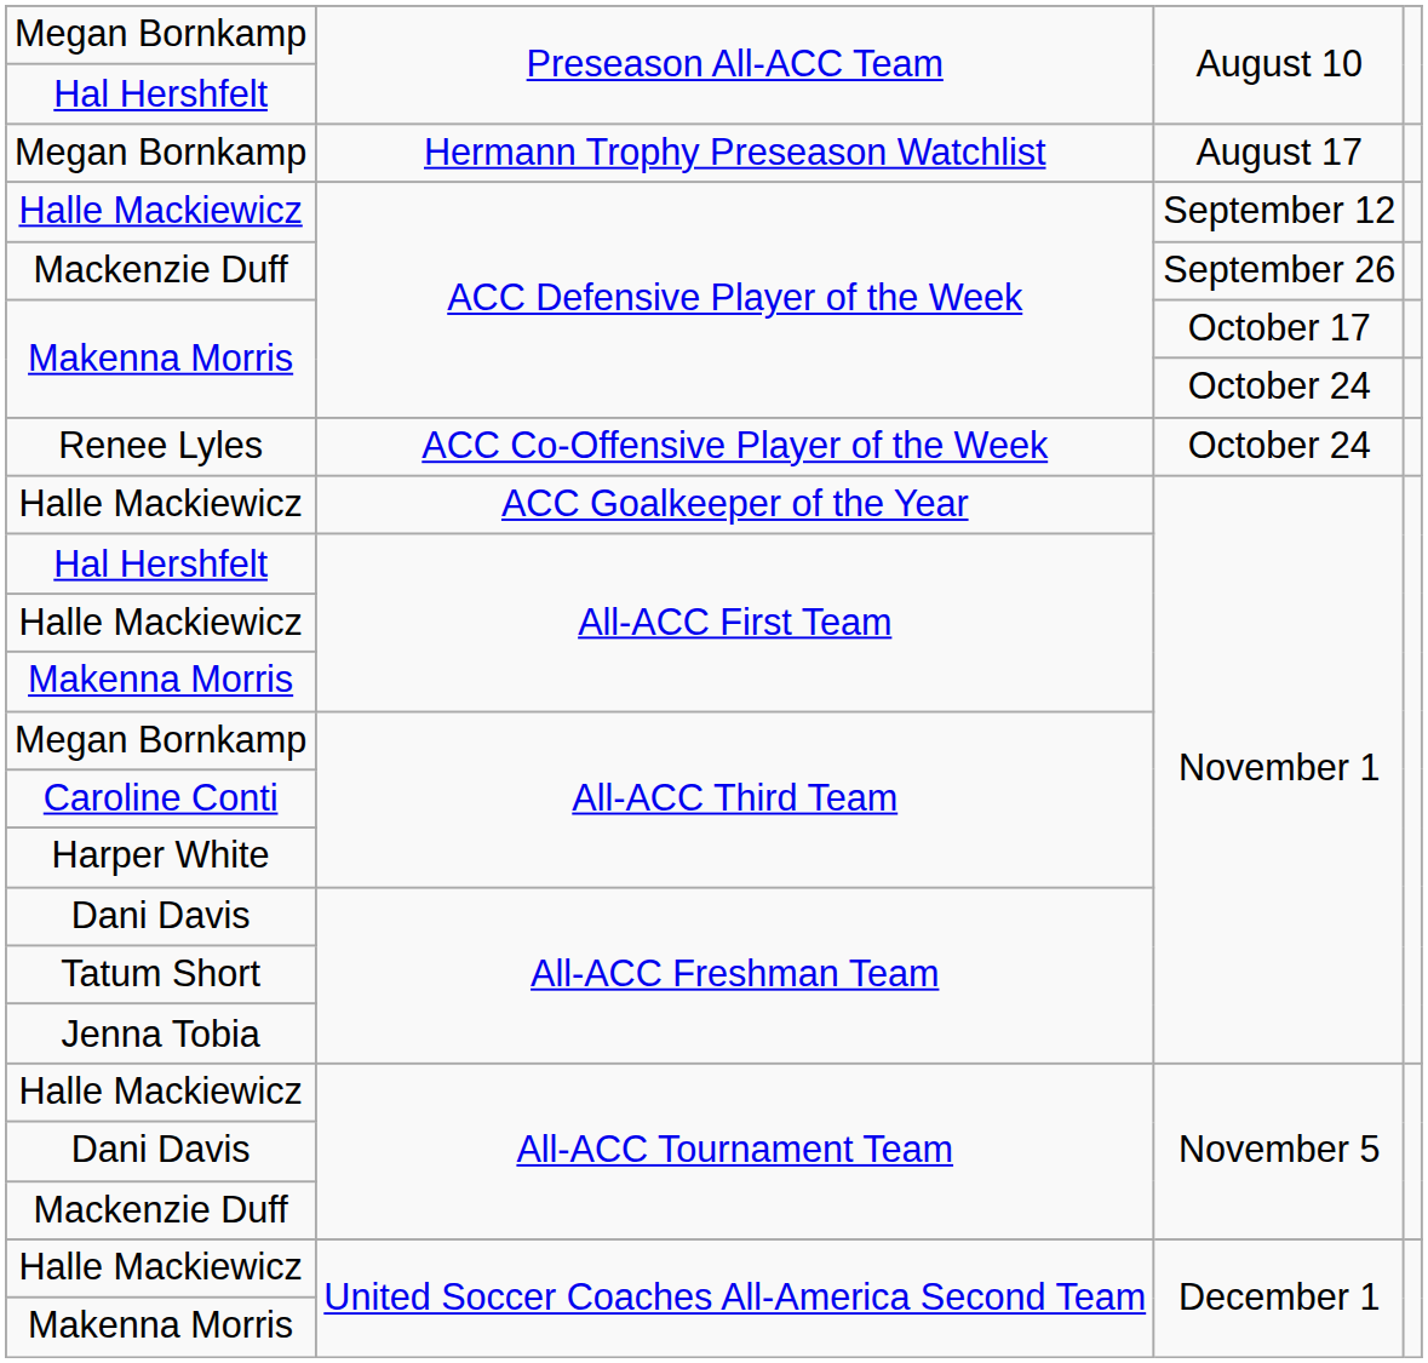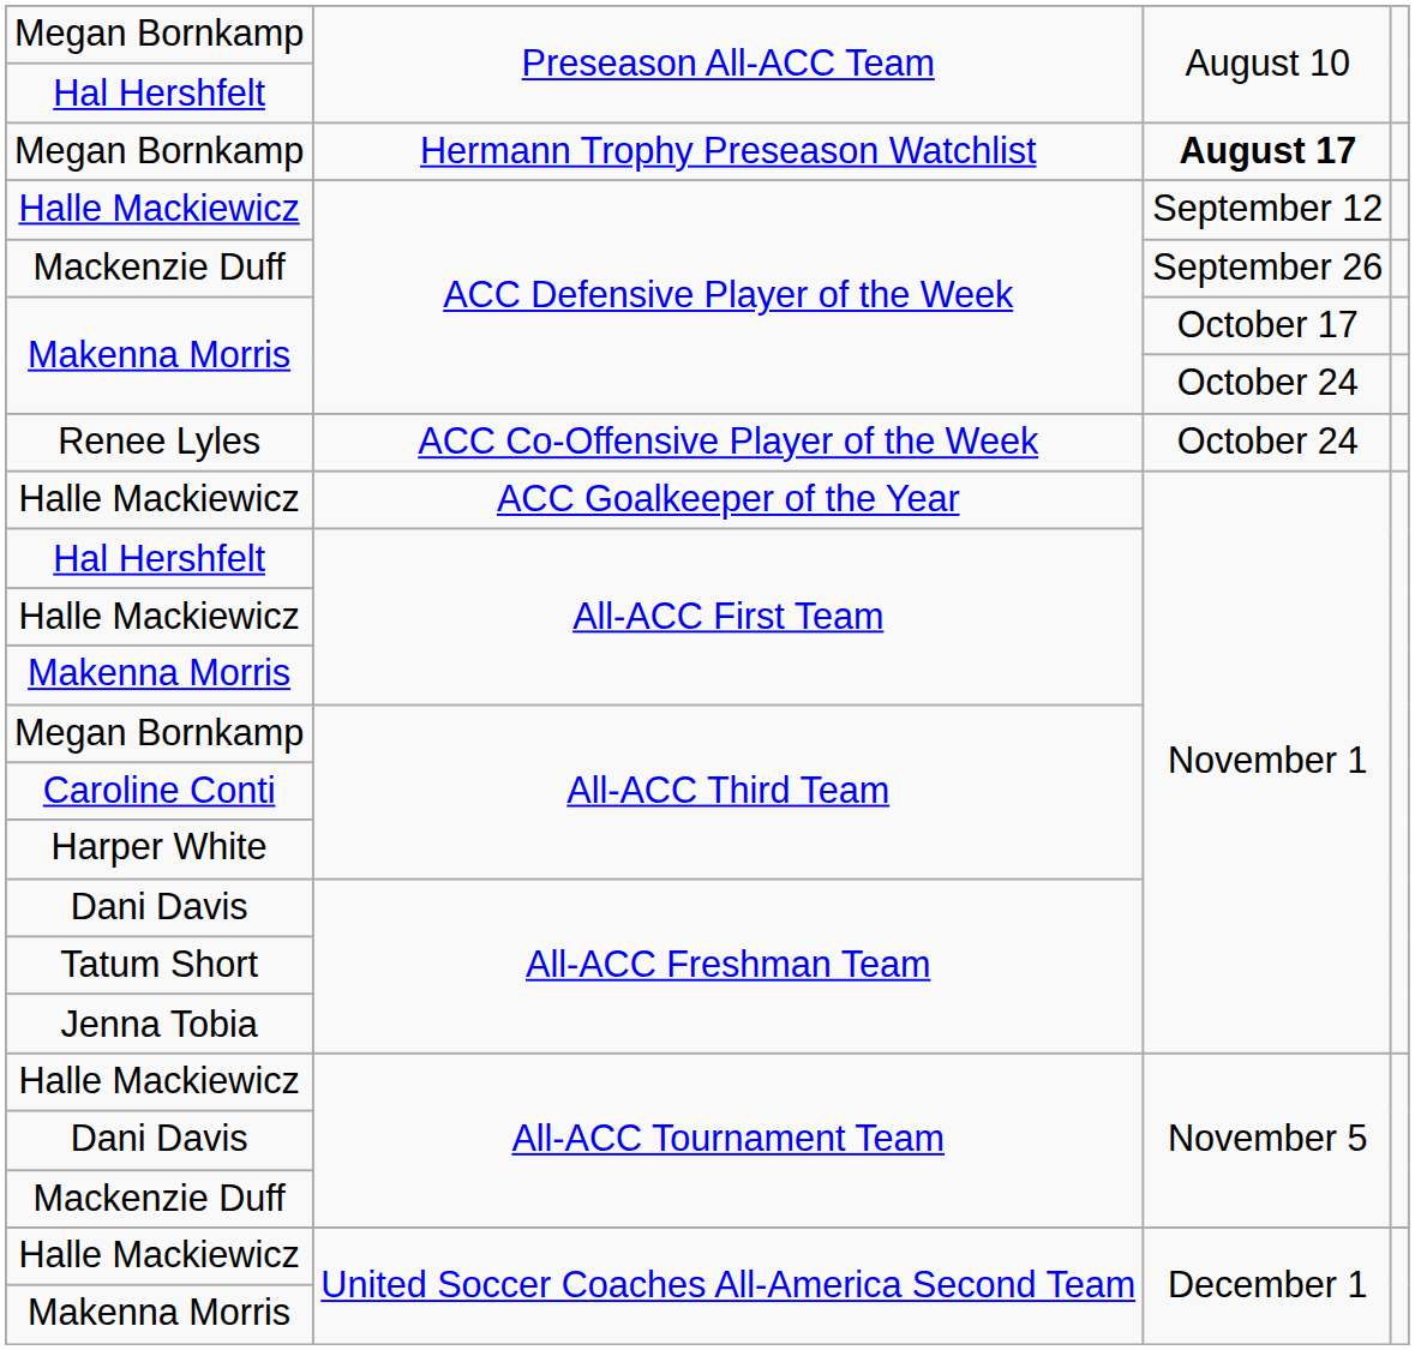 <table class="wikitable sortable" style="text-align: center">
 <tr>
 <td>Megan Bornkamp</td>
 <td rowspan=2><a href='#'>Preseason All-ACC Team</a></td>
 <td rowspan=2>August 10</td>
 <td rowspan=2></td>
 </tr>
 <tr>
 <td><a href='#'>Hal Hershfelt</a></td>
 </tr>
 <tr>
 <td>Megan Bornkamp</td>
 <td><a href='#'>Hermann Trophy Preseason Watchlist</a></td>
-<td>August 17</td>
+<td><strong>August 17</strong></td>
 <td></td>
 </tr>
 <tr>
 <td><a href='#'>Halle Mackiewicz</a></td>
 <td rowspan=4><a href='#'>ACC Defensive Player of the Week</a></td>
 <td>September 12</td>
 <td></td>
 </tr>
 <tr>
 <td>Mackenzie Duff</td>
 <td>September 26</td>
 <td></td>
 </tr>
 <tr>
 <td rowspan=2><a href='#'>Makenna Morris</a></td>
 <td>October 17</td>
 <td></td>
 </tr>
 <tr>
 <td>October 24</td>
 <td></td>
 </tr>
 <tr>
 <td>Renee Lyles</td>
 <td><a href='#'>ACC Co-Offensive Player of the Week</a></td>
 <td>October 24</td>
 <td></td>
 </tr>
 <tr>
 <td>Halle Mackiewicz</td>
 <td><a href='#'>ACC Goalkeeper of the Year</a></td>
 <td rowspan=10>November 1</td>
 <td rowspan=10></td>
 </tr>
 <tr>
 <td><a href='#'>Hal Hershfelt</a></td>
 <td rowspan=3><a href='#'>All-ACC First Team</a></td>
 </tr>
 <tr>
 <td>Halle Mackiewicz</td>
 </tr>
 <tr>
 <td><a href='#'>Makenna Morris</a></td>
 </tr>
 <tr>
 <td>Megan Bornkamp</td>
 <td rowspan=3><a href='#'>All-ACC Third Team</a></td>
 </tr>
 <tr>
 <td><a href='#'>Caroline Conti</a></td>
 </tr>
 <tr>
 <td>Harper White</td>
 </tr>
 <tr>
 <td>Dani Davis</td>
 <td rowspan=3><a href='#'>All-ACC Freshman Team</a></td>
 </tr>
 <tr>
 <td>Tatum Short</td>
 </tr>
 <tr>
 <td>Jenna Tobia</td>
 </tr>
 <tr>
 <td>Halle Mackiewicz</td>
 <td rowspan=3><a href='#'>All-ACC Tournament Team</a></td>
 <td rowspan=3>November 5</td>
 <td rowspan=3></td>
 </tr>
 <tr>
 <td>Dani Davis</td>
 </tr>
 <tr>
 <td>Mackenzie Duff</td>
 </tr>
 <tr>
 <td>Halle Mackiewicz</td>
 <td rowspan=2><a href='#'>United Soccer Coaches All-America Second Team</a></td>
 <td rowspan=2>December 1</td>
 <td rowspan=2></td>
 </tr>
 <tr>
 <td>Makenna Morris</td>
 </tr>
 </table>
